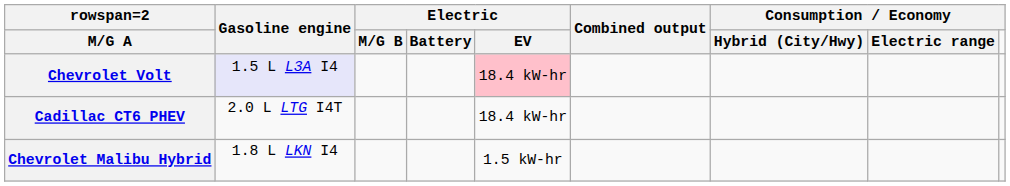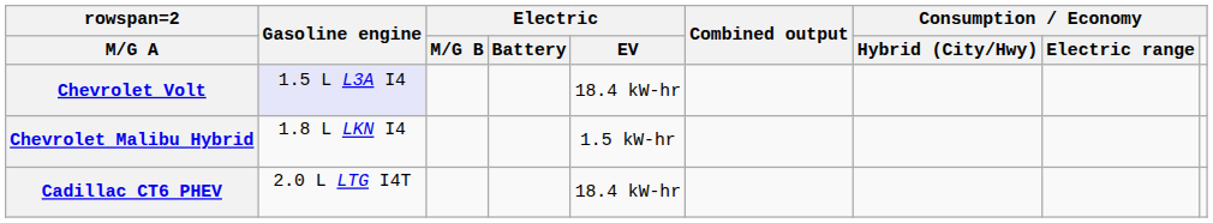 <table class="wikitable" style="font-size:90%;text-align:center;">
 <tr>
 <th>rowspan=2 </th>
 <th rowspan=2>Gasoline engine</th>
 <th colspan=3>Electric</th>
 <th rowspan=2>Combined output</th>
 <th colspan=3>Consumption / Economy</th>
 </tr>
 <tr>
 <th>M/G A</th>
 <th>M/G B</th>
 <th>Battery</th>
 <th>EV</th>
 <th>Hybrid (City/Hwy)</th>
 <th>Electric range</th>
 </tr>
 <tr>
 <th><a href='#'>Chevrolet Volt</a></th>
 <td style="background: lavender;">1.5 L <a href='#'><em>L3A</em></a> I4<br><br></td>
 <td><br></td>
 <td><br></td>
-<td style="background: pink;">18.4 kW-hr</td>
-<td><br></td>
-<td></td>
-<td></td>
-<td></td>
-</tr>
-<tr>
-<th><a href='#'>Cadillac CT6 PHEV</a></th>
-<td>2.0 L <a href='#'><em>LTG</em></a> I4T<br><br></td>
-<td></td>
-<td></td>
 <td>18.4 kW-hr</td>
 <td><br></td>
 <td></td>
 <td></td>
 <td></td>
 </tr>
 <tr>
 <th><a href='#'>Chevrolet Malibu Hybrid</a></th>
 <td>1.8 L <a href='#'><em>LKN</em></a> I4<br><br></td>
 <td></td>
 <td><br></td>
 <td>1.5 kW-hr</td>
 <td><br></td>
 <td></td>
 <td></td>
 <td></td>
 </tr>
+<tr>
+<th><a href='#'>Cadillac CT6 PHEV</a></th>
+<td>2.0 L <a href='#'><em>LTG</em></a> I4T<br><br></td>
+<td></td>
+<td></td>
+<td>18.4 kW-hr</td>
+<td><br></td>
+<td></td>
+<td></td>
+<td></td>
+</tr>
 </table>
